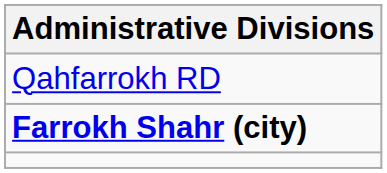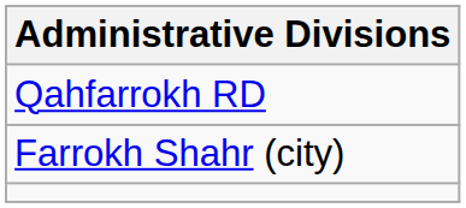 <table class="wikitable">
 <tr>
 <th>Administrative Divisions</th>
 </tr>
 <tr>
 <td><a href='#'>Qahfarrokh RD</a></td>
 </tr>
 <tr>
-<td><strong><a href='#'>Farrokh Shahr</a> (city)</strong></td>
+<td><a href='#'>Farrokh Shahr</a> (city)</td>
 </tr>
 <tr>
 <td colspan=1></td>
 </tr>
 </table>
